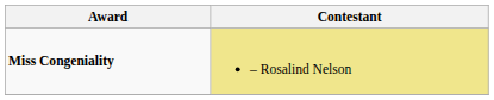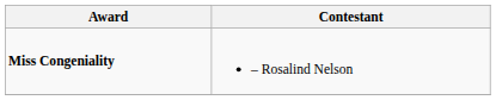 <table class="wikitable sortable" style="font-size:95%;">
 <tr>
 <th width="220">Award</th>
 <th width="300">Contestant</th>
 </tr>
 <tr>
 <td><strong>Miss Congeniality</strong></td>
-<td style="background: khaki;"><br><ul><li><strong></strong> – Rosalind Nelson</li></ul></td>
+<td><br><ul><li><strong></strong> – Rosalind Nelson</li></ul></td>
 </tr>
 <tr>
 </tr>
 </table>
